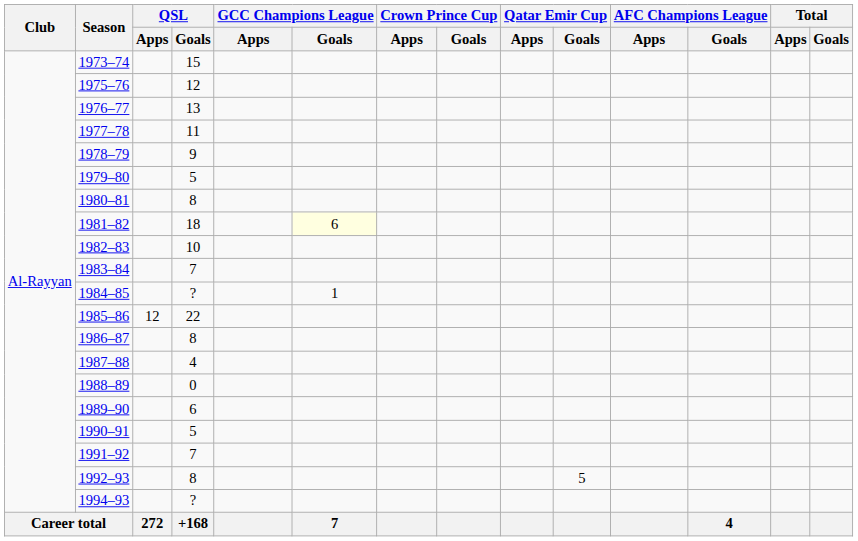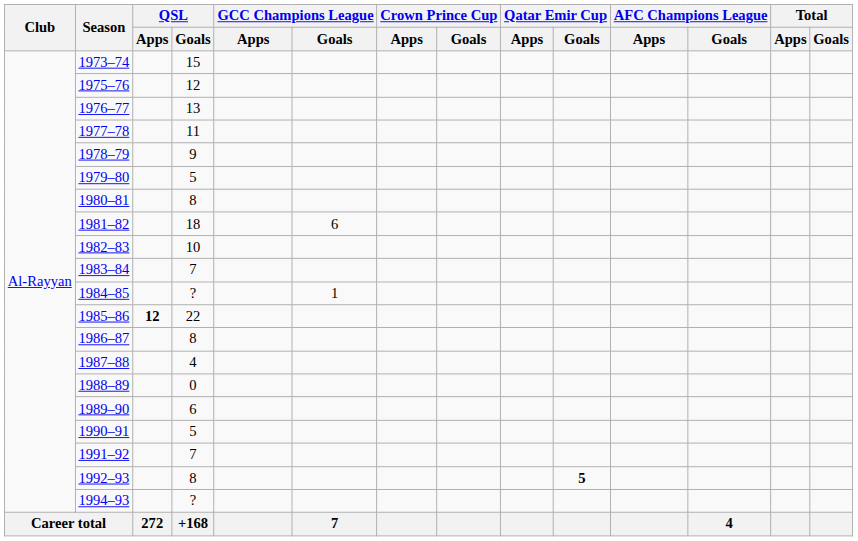 <table class="wikitable" style="text-align: center">
 <tr>
 <th rowspan="2">Club</th>
 <th rowspan="2">Season</th>
 <th colspan="2"><a href='#'>QSL</a></th>
 <th colspan="2"><a href='#'>GCC Champions League</a></th>
 <th colspan="2"><a href='#'>Crown Prince Cup</a></th>
 <th colspan="2"><a href='#'>Qatar Emir Cup</a></th>
 <th colspan="2"><a href='#'>AFC Champions League </a></th>
 <th colspan="2">Total</th>
 </tr>
 <tr>
 <th>Apps</th>
 <th>Goals</th>
 <th>Apps</th>
 <th>Goals</th>
 <th>Apps</th>
 <th>Goals</th>
 <th>Apps</th>
 <th>Goals</th>
 <th>Apps</th>
 <th>Goals</th>
 <th>Apps</th>
 <th>Goals</th>
 </tr>
 <tr>
 <td rowspan="20"><a href='#'>Al-Rayyan</a></td>
 <td><a href='#'>1973–74</a></td>
 <td></td>
 <td>15</td>
 <td></td>
 <td></td>
 <td></td>
 <td></td>
 <td></td>
 <td></td>
 <td></td>
 <td></td>
 <td></td>
 <td></td>
 </tr>
 <tr>
 <td><a href='#'>1975–76</a></td>
 <td></td>
 <td>12</td>
 <td></td>
 <td></td>
 <td></td>
 <td></td>
 <td></td>
 <td></td>
 <td></td>
 <td></td>
 <td></td>
 <td></td>
 </tr>
 <tr>
 <td><a href='#'>1976–77</a></td>
 <td></td>
 <td>13</td>
 <td></td>
 <td></td>
 <td></td>
 <td></td>
 <td></td>
 <td></td>
 <td></td>
 <td></td>
 <td></td>
 <td></td>
 </tr>
 <tr>
 <td><a href='#'>1977–78</a></td>
 <td></td>
 <td>11</td>
 <td></td>
 <td></td>
 <td></td>
 <td></td>
 <td></td>
 <td></td>
 <td></td>
 <td></td>
 <td></td>
 <td></td>
 </tr>
 <tr>
 <td><a href='#'>1978–79</a></td>
 <td></td>
 <td>9</td>
 <td></td>
 <td></td>
 <td></td>
 <td></td>
 <td></td>
 <td></td>
 <td></td>
 <td></td>
 <td></td>
 <td></td>
 </tr>
 <tr>
 <td><a href='#'>1979–80</a></td>
 <td></td>
 <td>5</td>
 <td></td>
 <td></td>
 <td></td>
 <td></td>
 <td></td>
 <td></td>
 <td></td>
 <td></td>
 <td></td>
 <td></td>
 </tr>
 <tr>
 <td><a href='#'>1980–81</a></td>
 <td></td>
 <td>8</td>
 <td></td>
 <td></td>
 <td></td>
 <td></td>
 <td></td>
 <td></td>
 <td></td>
 <td></td>
 <td></td>
 <td></td>
 </tr>
 <tr>
 <td><a href='#'>1981–82</a></td>
 <td></td>
 <td>18</td>
 <td></td>
-<td style="background: lightyellow;">6</td>
+<td>6</td>
 <td></td>
 <td></td>
 <td></td>
 <td></td>
 <td></td>
 <td></td>
 <td></td>
 <td></td>
 </tr>
 <tr>
 <td><a href='#'>1982–83</a></td>
 <td></td>
 <td>10</td>
 <td></td>
 <td></td>
 <td></td>
 <td></td>
 <td></td>
 <td></td>
 <td></td>
 <td></td>
 <td></td>
 <td></td>
 </tr>
 <tr>
 <td><a href='#'>1983–84</a></td>
 <td></td>
 <td>7</td>
 <td></td>
 <td></td>
 <td></td>
 <td></td>
 <td></td>
 <td></td>
 <td></td>
 <td></td>
 <td></td>
 <td></td>
 </tr>
 <tr>
 <td><a href='#'>1984–85</a></td>
 <td></td>
 <td>?</td>
 <td></td>
 <td>1</td>
 <td></td>
 <td></td>
 <td></td>
 <td></td>
 <td></td>
 <td></td>
 <td></td>
 <td></td>
 </tr>
 <tr>
 <td><a href='#'>1985–86</a></td>
-<td>12</td>
+<td><strong>12</strong></td>
 <td>22</td>
 <td></td>
 <td></td>
 <td></td>
 <td></td>
 <td></td>
 <td></td>
 <td></td>
 <td></td>
 <td></td>
 <td></td>
 </tr>
 <tr>
 <td><a href='#'>1986–87</a></td>
 <td></td>
 <td>8</td>
 <td></td>
 <td></td>
 <td></td>
 <td></td>
 <td></td>
 <td></td>
 <td></td>
 <td></td>
 <td></td>
 <td></td>
 </tr>
 <tr>
 <td><a href='#'>1987–88</a></td>
 <td></td>
 <td>4</td>
 <td></td>
 <td></td>
 <td></td>
 <td></td>
 <td></td>
 <td></td>
 <td></td>
 <td></td>
 <td></td>
 <td></td>
 </tr>
 <tr>
 <td><a href='#'>1988–89</a></td>
 <td></td>
 <td>0</td>
 <td></td>
 <td></td>
 <td></td>
 <td></td>
 <td></td>
 <td></td>
 <td></td>
 <td></td>
 <td></td>
 <td></td>
 </tr>
 <tr>
 <td><a href='#'>1989–90</a></td>
 <td></td>
 <td>6</td>
 <td></td>
 <td></td>
 <td></td>
 <td></td>
 <td></td>
 <td></td>
 <td></td>
 <td></td>
 <td></td>
 <td></td>
 </tr>
 <tr>
 <td><a href='#'>1990–91</a></td>
 <td></td>
 <td>5</td>
 <td></td>
 <td></td>
 <td></td>
 <td></td>
 <td></td>
 <td></td>
 <td></td>
 <td></td>
 <td></td>
 <td></td>
 </tr>
 <tr>
 <td><a href='#'>1991–92</a></td>
 <td></td>
 <td>7</td>
 <td></td>
 <td></td>
 <td></td>
 <td></td>
 <td></td>
 <td></td>
 <td></td>
 <td></td>
 <td></td>
 <td></td>
 </tr>
 <tr>
 <td><a href='#'>1992–93</a></td>
 <td></td>
 <td>8</td>
 <td></td>
 <td></td>
 <td></td>
 <td></td>
 <td></td>
-<td>5</td>
+<td><strong>5</strong></td>
 <td></td>
 <td></td>
 <td></td>
 <td></td>
 </tr>
 <tr>
 <td><a href='#'>1994–93</a></td>
 <td></td>
 <td>?</td>
 <td></td>
 <td></td>
 <td></td>
 <td></td>
 <td></td>
 <td></td>
 <td></td>
 <td></td>
 <td></td>
 <td></td>
 </tr>
 <tr>
 <th colspan="2">Career total</th>
 <th>272</th>
 <th>+168</th>
 <th></th>
 <th>7</th>
 <th></th>
 <th></th>
 <th></th>
 <th></th>
 <th></th>
 <th>4</th>
 <th></th>
 <th></th>
 </tr>
 </table>
